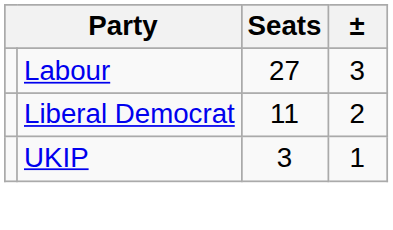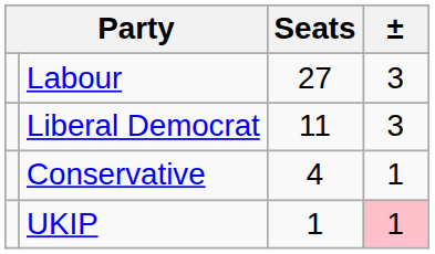 <table class="sortable wikitable">
 <tr>
 <th colspan="2">Party</th>
 <th>Seats</th>
 <th>  ±  </th>
 </tr>
 <tr>
 <td style="background-color: "></td>
 <td><a href='#'>Labour</a></td>
 <td align="center">27</td>
 <td align="center">3</td>
 </tr>
 <tr>
 <td style="background-color: "></td>
 <td><a href='#'>Liberal Democrat</a></td>
 <td align="center">11</td>
-<td align="center">2</td>
+<td align="center">3</td>
+</tr>
+<tr>
+<td style="background-color: "></td>
+<td><a href='#'>Conservative</a></td>
+<td align="center">4</td>
+<td align="center">1</td>
 </tr>
 <tr>
 <td style="background-color: "></td>
 <td><a href='#'>UKIP</a></td>
-<td align="center">3</td>
 <td align="center">1</td>
+<td align="center" style="background: pink;">1</td>
 </tr>
 </table>
